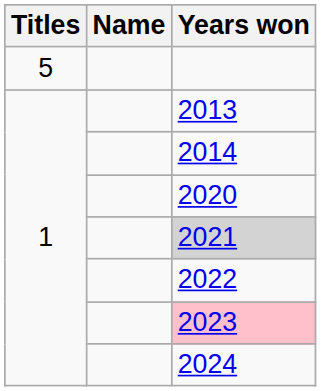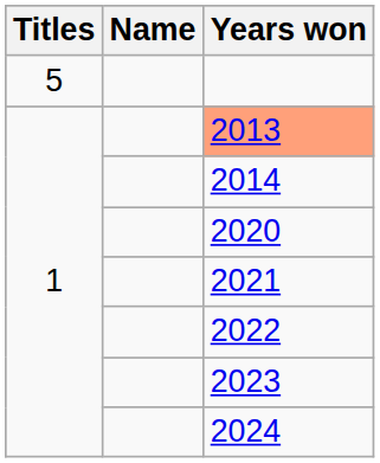 <table class="wikitable style="font-size:100%; text-align: left; width:70%">
 <tr>
 <th>Titles</th>
 <th>Name</th>
 <th>Years won</th>
 </tr>
 <tr>
 <td align=center>5</td>
 <td></td>
 <td></td>
 </tr>
 <tr>
 <td rowspan=7 align=center>1</td>
 <td></td>
-<td><a href='#'>2013</a></td>
+<td style="background: lightsalmon;"><a href='#'>2013</a></td>
 </tr>
 <tr>
 <td></td>
 <td><a href='#'>2014</a></td>
 </tr>
 <tr>
 <td></td>
 <td><a href='#'>2020</a></td>
 </tr>
 <tr>
 <td></td>
-<td style="background: lightgrey;"><a href='#'>2021</a></td>
+<td><a href='#'>2021</a></td>
 </tr>
 <tr>
 <td></td>
 <td><a href='#'>2022</a></td>
 </tr>
 <tr>
 <td></td>
-<td style="background: pink;"><a href='#'>2023</a></td>
+<td><a href='#'>2023</a></td>
 </tr>
 <tr>
 <td></td>
 <td><a href='#'>2024</a></td>
 </tr>
 </table>
